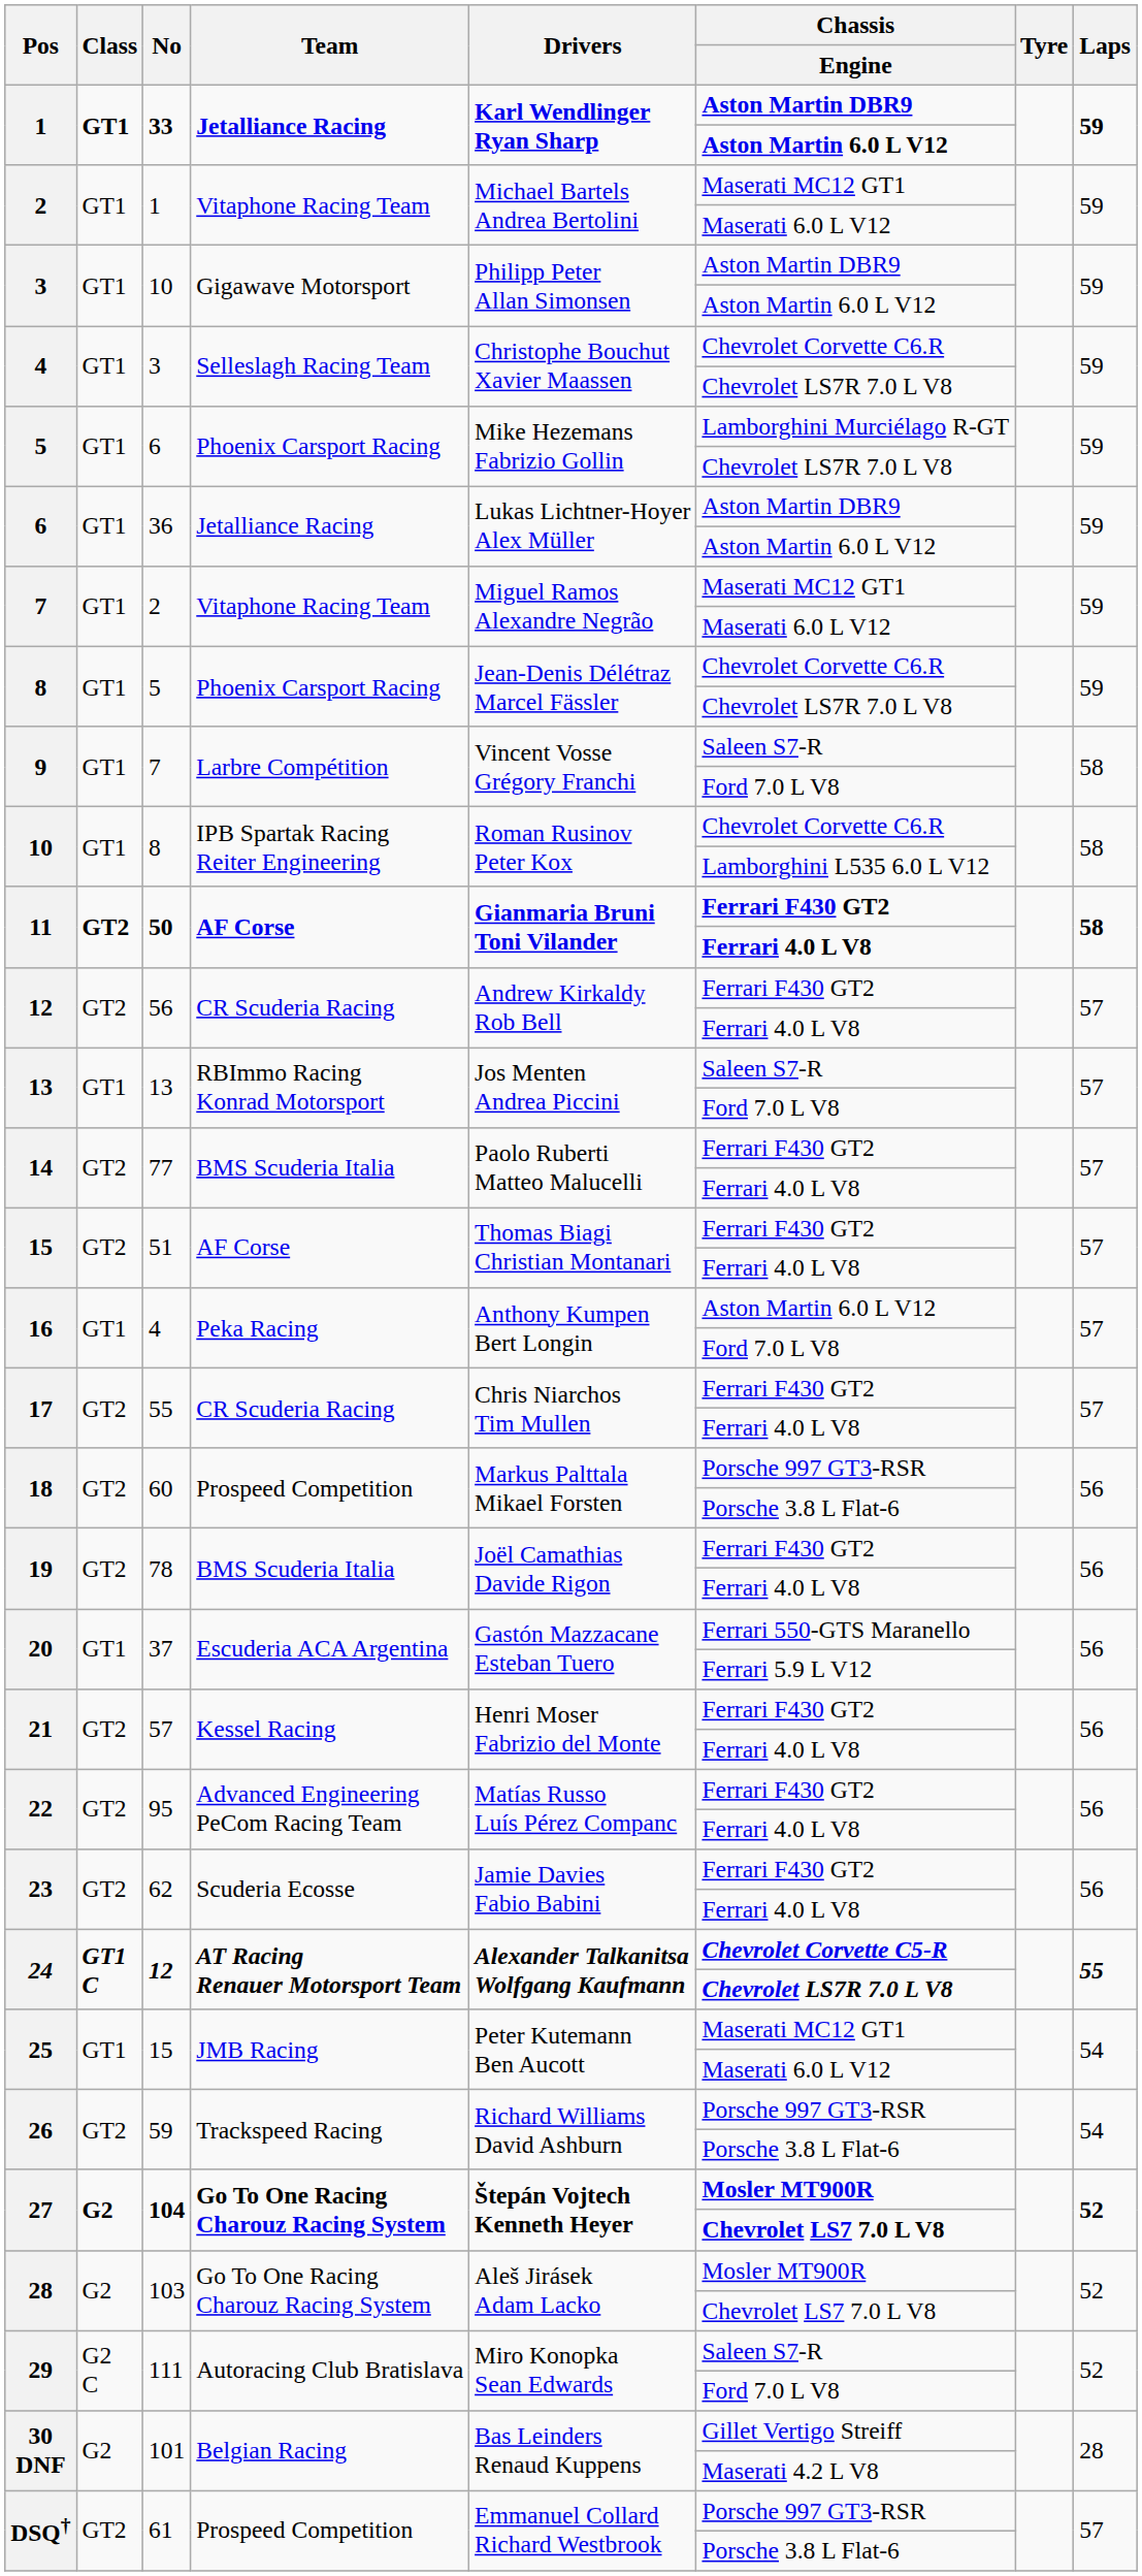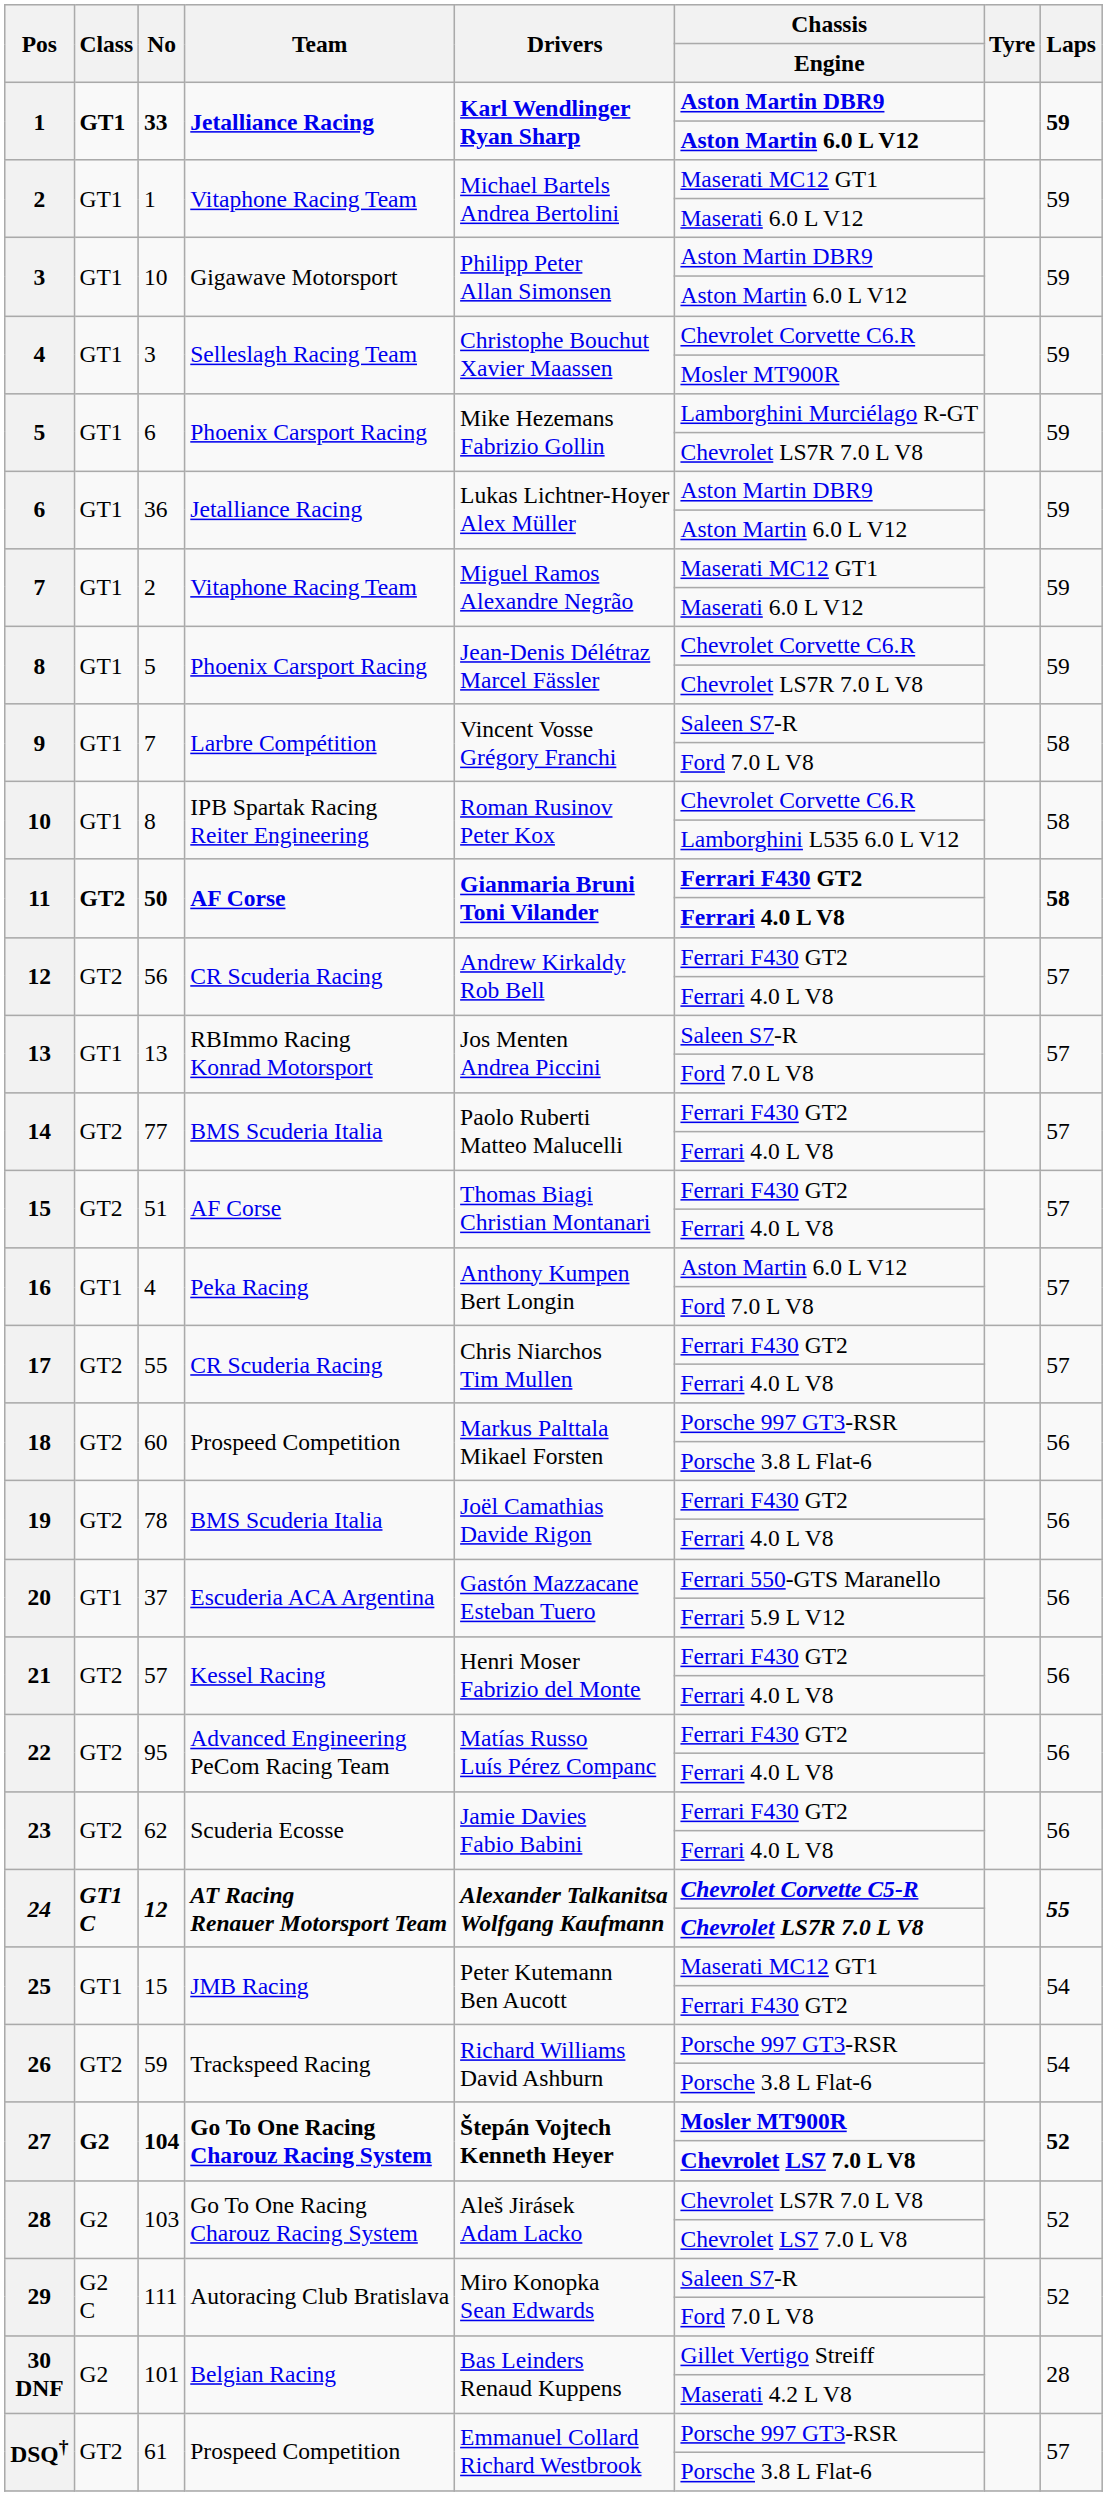 <table class="wikitable" style="font-size: 95%;">
 <tr>
 <th rowspan=2>Pos</th>
 <th rowspan=2>Class</th>
 <th rowspan=2>No</th>
 <th rowspan=2>Team</th>
 <th rowspan=2>Drivers</th>
 <th>Chassis</th>
 <th rowspan=2>Tyre</th>
 <th rowspan=2>Laps</th>
 </tr>
 <tr>
 <th>Engine</th>
 </tr>
 <tr style="font-weight:bold">
 <th rowspan=2>1</th>
 <td rowspan=2>GT1</td>
 <td rowspan=2>33</td>
 <td rowspan=2> <a href='#'>Jetalliance Racing</a></td>
 <td rowspan=2> <a href='#'>Karl Wendlinger</a><br> <a href='#'>Ryan Sharp</a></td>
 <td><a href='#'>Aston Martin DBR9</a></td>
 <td rowspan=2></td>
 <td rowspan=2>59</td>
 </tr>
 <tr style="font-weight:bold">
 <td><a href='#'>Aston Martin</a> 6.0 L V12</td>
 </tr>
 <tr>
 <th rowspan=2>2</th>
 <td rowspan=2>GT1</td>
 <td rowspan=2>1</td>
 <td rowspan=2> <a href='#'>Vitaphone Racing Team</a></td>
 <td rowspan=2> <a href='#'>Michael Bartels</a><br> <a href='#'>Andrea Bertolini</a></td>
 <td><a href='#'>Maserati MC12</a> GT1</td>
 <td rowspan=2></td>
 <td rowspan=2>59</td>
 </tr>
 <tr>
 <td><a href='#'>Maserati</a> 6.0 L V12</td>
 </tr>
 <tr>
 <th rowspan=2>3</th>
 <td rowspan=2>GT1</td>
 <td rowspan=2>10</td>
 <td rowspan=2> Gigawave Motorsport</td>
 <td rowspan=2> <a href='#'>Philipp Peter</a><br> <a href='#'>Allan Simonsen</a></td>
 <td><a href='#'>Aston Martin DBR9</a></td>
 <td rowspan=2></td>
 <td rowspan=2>59</td>
 </tr>
 <tr>
 <td><a href='#'>Aston Martin</a> 6.0 L V12</td>
 </tr>
 <tr>
 <th rowspan=2>4</th>
 <td rowspan=2>GT1</td>
 <td rowspan=2>3</td>
 <td rowspan=2> <a href='#'>Selleslagh Racing Team</a></td>
 <td rowspan=2> <a href='#'>Christophe Bouchut</a><br> <a href='#'>Xavier Maassen</a></td>
 <td><a href='#'>Chevrolet Corvette C6.R</a></td>
 <td rowspan=2></td>
 <td rowspan=2>59</td>
 </tr>
 <tr>
-<td><a href='#'>Chevrolet</a> LS7R 7.0 L V8</td>
+<td><a href='#'>Mosler MT900R</a></td>
 </tr>
 <tr>
 <th rowspan=2>5</th>
 <td rowspan=2>GT1</td>
 <td rowspan=2>6</td>
 <td rowspan=2> <a href='#'>Phoenix Carsport Racing</a></td>
 <td rowspan=2> Mike Hezemans<br> <a href='#'>Fabrizio Gollin</a></td>
 <td><a href='#'>Lamborghini Murciélago</a> R-GT</td>
 <td rowspan=2></td>
 <td rowspan=2>59</td>
 </tr>
 <tr>
 <td><a href='#'>Chevrolet</a> LS7R 7.0 L V8</td>
 </tr>
 <tr>
 <th rowspan=2>6</th>
 <td rowspan=2>GT1</td>
 <td rowspan=2>36</td>
 <td rowspan=2> <a href='#'>Jetalliance Racing</a></td>
 <td rowspan=2> Lukas Lichtner-Hoyer<br> <a href='#'>Alex Müller</a></td>
 <td><a href='#'>Aston Martin DBR9</a></td>
 <td rowspan=2></td>
 <td rowspan=2>59</td>
 </tr>
 <tr>
 <td><a href='#'>Aston Martin</a> 6.0 L V12</td>
 </tr>
 <tr>
 <th rowspan=2>7</th>
 <td rowspan=2>GT1</td>
 <td rowspan=2>2</td>
 <td rowspan=2> <a href='#'>Vitaphone Racing Team</a></td>
 <td rowspan=2> <a href='#'>Miguel Ramos</a><br> <a href='#'>Alexandre Negrão</a></td>
 <td><a href='#'>Maserati MC12</a> GT1</td>
 <td rowspan=2></td>
 <td rowspan=2>59</td>
 </tr>
 <tr>
 <td><a href='#'>Maserati</a> 6.0 L V12</td>
 </tr>
 <tr>
 <th rowspan=2>8</th>
 <td rowspan=2>GT1</td>
 <td rowspan=2>5</td>
 <td rowspan=2> <a href='#'>Phoenix Carsport Racing</a></td>
 <td rowspan=2> <a href='#'>Jean-Denis Délétraz</a><br> <a href='#'>Marcel Fässler</a></td>
 <td><a href='#'>Chevrolet Corvette C6.R</a></td>
 <td rowspan=2></td>
 <td rowspan=2>59</td>
 </tr>
 <tr>
 <td><a href='#'>Chevrolet</a> LS7R 7.0 L V8</td>
 </tr>
 <tr>
 <th rowspan=2>9</th>
 <td rowspan=2>GT1</td>
 <td rowspan=2>7</td>
 <td rowspan=2> <a href='#'>Larbre Compétition</a></td>
 <td rowspan=2> Vincent Vosse<br> <a href='#'>Grégory Franchi</a></td>
 <td><a href='#'>Saleen S7</a>-R</td>
 <td rowspan=2></td>
 <td rowspan=2>58</td>
 </tr>
 <tr>
 <td><a href='#'>Ford</a> 7.0 L V8</td>
 </tr>
 <tr>
 <th rowspan=2>10</th>
 <td rowspan=2>GT1</td>
 <td rowspan=2>8</td>
 <td rowspan=2> IPB Spartak Racing<br> <a href='#'>Reiter Engineering</a></td>
 <td rowspan=2> <a href='#'>Roman Rusinov</a><br> <a href='#'>Peter Kox</a></td>
 <td><a href='#'>Chevrolet Corvette C6.R</a></td>
 <td rowspan=2></td>
 <td rowspan=2>58</td>
 </tr>
 <tr>
 <td><a href='#'>Lamborghini</a> L535 6.0 L V12</td>
 </tr>
 <tr style="font-weight:bold">
 <th rowspan=2>11</th>
 <td rowspan=2>GT2</td>
 <td rowspan=2>50</td>
 <td rowspan=2> <a href='#'>AF Corse</a></td>
 <td rowspan=2> <a href='#'>Gianmaria Bruni</a><br> <a href='#'>Toni Vilander</a></td>
 <td><a href='#'>Ferrari F430</a> GT2</td>
 <td rowspan=2></td>
 <td rowspan=2>58</td>
 </tr>
 <tr style="font-weight:bold">
 <td><a href='#'>Ferrari</a> 4.0 L V8</td>
 </tr>
 <tr>
 <th rowspan=2>12</th>
 <td rowspan=2>GT2</td>
 <td rowspan=2>56</td>
 <td rowspan=2> <a href='#'>CR Scuderia Racing</a></td>
 <td rowspan=2> <a href='#'>Andrew Kirkaldy</a><br> <a href='#'>Rob Bell</a></td>
 <td><a href='#'>Ferrari F430</a> GT2</td>
 <td rowspan=2></td>
 <td rowspan=2>57</td>
 </tr>
 <tr>
 <td><a href='#'>Ferrari</a> 4.0 L V8</td>
 </tr>
 <tr>
 <th rowspan=2>13</th>
 <td rowspan=2>GT1</td>
 <td rowspan=2>13</td>
 <td rowspan=2> RBImmo Racing<br> <a href='#'>Konrad Motorsport</a></td>
 <td rowspan=2> Jos Menten<br> <a href='#'>Andrea Piccini</a></td>
 <td><a href='#'>Saleen S7</a>-R</td>
 <td rowspan=2></td>
 <td rowspan=2>57</td>
 </tr>
 <tr>
 <td><a href='#'>Ford</a> 7.0 L V8</td>
 </tr>
 <tr>
 <th rowspan=2>14</th>
 <td rowspan=2>GT2</td>
 <td rowspan=2>77</td>
 <td rowspan=2> <a href='#'>BMS Scuderia Italia</a></td>
 <td rowspan=2> Paolo Ruberti<br> Matteo Malucelli</td>
 <td><a href='#'>Ferrari F430</a> GT2</td>
 <td rowspan=2></td>
 <td rowspan=2>57</td>
 </tr>
 <tr>
 <td><a href='#'>Ferrari</a> 4.0 L V8</td>
 </tr>
 <tr>
 <th rowspan=2>15</th>
 <td rowspan=2>GT2</td>
 <td rowspan=2>51</td>
 <td rowspan=2> <a href='#'>AF Corse</a></td>
 <td rowspan=2> <a href='#'>Thomas Biagi</a><br> <a href='#'>Christian Montanari</a></td>
 <td><a href='#'>Ferrari F430</a> GT2</td>
 <td rowspan=2></td>
 <td rowspan=2>57</td>
 </tr>
 <tr>
 <td><a href='#'>Ferrari</a> 4.0 L V8</td>
 </tr>
 <tr>
 <th rowspan=2>16</th>
 <td rowspan=2>GT1</td>
 <td rowspan=2>4</td>
 <td rowspan=2> <a href='#'>Peka Racing</a></td>
 <td rowspan=2> <a href='#'>Anthony Kumpen</a><br> Bert Longin</td>
 <td><a href='#'>Aston Martin</a> 6.0 L V12</td>
 <td rowspan=2></td>
 <td rowspan=2>57</td>
 </tr>
 <tr>
 <td><a href='#'>Ford</a> 7.0 L V8</td>
 </tr>
 <tr>
 <th rowspan=2>17</th>
 <td rowspan=2>GT2</td>
 <td rowspan=2>55</td>
 <td rowspan=2> <a href='#'>CR Scuderia Racing</a></td>
 <td rowspan=2> Chris Niarchos<br> <a href='#'>Tim Mullen</a></td>
 <td><a href='#'>Ferrari F430</a> GT2</td>
 <td rowspan=2></td>
 <td rowspan=2>57</td>
 </tr>
 <tr>
 <td><a href='#'>Ferrari</a> 4.0 L V8</td>
 </tr>
 <tr>
 <th rowspan=2>18</th>
 <td rowspan=2>GT2</td>
 <td rowspan=2>60</td>
 <td rowspan=2> Prospeed Competition</td>
 <td rowspan=2> <a href='#'>Markus Palttala</a><br> Mikael Forsten</td>
 <td><a href='#'>Porsche 997 GT3</a>-RSR</td>
 <td rowspan=2></td>
 <td rowspan=2>56</td>
 </tr>
 <tr>
 <td><a href='#'>Porsche</a> 3.8 L Flat-6</td>
 </tr>
 <tr>
 <th rowspan=2>19</th>
 <td rowspan=2>GT2</td>
 <td rowspan=2>78</td>
 <td rowspan=2> <a href='#'>BMS Scuderia Italia</a></td>
 <td rowspan=2> <a href='#'>Joël Camathias</a><br> <a href='#'>Davide Rigon</a></td>
 <td><a href='#'>Ferrari F430</a> GT2</td>
 <td rowspan=2></td>
 <td rowspan=2>56</td>
 </tr>
 <tr>
 <td><a href='#'>Ferrari</a> 4.0 L V8</td>
 </tr>
 <tr>
 <th rowspan=2>20</th>
 <td rowspan=2>GT1</td>
 <td rowspan=2>37</td>
 <td rowspan=2> <a href='#'>Escuderia ACA Argentina</a></td>
 <td rowspan=2> <a href='#'>Gastón Mazzacane</a><br> <a href='#'>Esteban Tuero</a></td>
 <td><a href='#'>Ferrari 550</a>-GTS Maranello</td>
 <td rowspan=2></td>
 <td rowspan=2>56</td>
 </tr>
 <tr>
 <td><a href='#'>Ferrari</a> 5.9 L V12</td>
 </tr>
 <tr>
 <th rowspan=2>21</th>
 <td rowspan=2>GT2</td>
 <td rowspan=2>57</td>
 <td rowspan=2> <a href='#'>Kessel Racing</a></td>
 <td rowspan=2> Henri Moser<br> <a href='#'>Fabrizio del Monte</a></td>
 <td><a href='#'>Ferrari F430</a> GT2</td>
 <td rowspan=2></td>
 <td rowspan=2>56</td>
 </tr>
 <tr>
 <td><a href='#'>Ferrari</a> 4.0 L V8</td>
 </tr>
 <tr>
 <th rowspan=2>22</th>
 <td rowspan=2>GT2</td>
 <td rowspan=2>95</td>
 <td rowspan=2> <a href='#'>Advanced Engineering</a><br> PeCom Racing Team</td>
 <td rowspan=2> <a href='#'>Matías Russo</a><br> <a href='#'>Luís Pérez Companc</a></td>
 <td><a href='#'>Ferrari F430</a> GT2</td>
 <td rowspan=2></td>
 <td rowspan=2>56</td>
 </tr>
 <tr>
 <td><a href='#'>Ferrari</a> 4.0 L V8</td>
 </tr>
 <tr>
 <th rowspan=2>23</th>
 <td rowspan=2>GT2</td>
 <td rowspan=2>62</td>
 <td rowspan=2> Scuderia Ecosse</td>
 <td rowspan=2> <a href='#'>Jamie Davies</a><br> <a href='#'>Fabio Babini</a></td>
 <td><a href='#'>Ferrari F430</a> GT2</td>
 <td rowspan=2></td>
 <td rowspan=2>56</td>
 </tr>
 <tr>
 <td><a href='#'>Ferrari</a> 4.0 L V8</td>
 </tr>
 <tr style="font-weight:bold">
 <th rowspan=2><em>24</em></th>
 <td rowspan=2><em>GT1<br>C</em></td>
 <td rowspan=2><em>12</em></td>
 <td rowspan=2><em> AT Racing<br> Renauer Motorsport Team</em></td>
 <td rowspan=2><em> Alexander Talkanitsa<br> Wolfgang Kaufmann</em></td>
 <td><em><a href='#'>Chevrolet Corvette C5-R</a></em></td>
 <td rowspan=2></td>
 <td rowspan=2><em>55</em></td>
 </tr>
 <tr style="font-weight:bold">
 <td><em><a href='#'>Chevrolet</a> LS7R 7.0 L V8</em></td>
 </tr>
 <tr>
 <th rowspan=2>25</th>
 <td rowspan=2>GT1</td>
 <td rowspan=2>15</td>
 <td rowspan=2> <a href='#'>JMB Racing</a></td>
 <td rowspan=2> Peter Kutemann<br> Ben Aucott</td>
 <td><a href='#'>Maserati MC12</a> GT1</td>
 <td rowspan=2></td>
 <td rowspan=2>54</td>
 </tr>
 <tr>
-<td><a href='#'>Maserati</a> 6.0 L V12</td>
+<td><a href='#'>Ferrari F430</a> GT2</td>
 </tr>
 <tr>
 <th rowspan=2>26</th>
 <td rowspan=2>GT2</td>
 <td rowspan=2>59</td>
 <td rowspan=2> Trackspeed Racing</td>
 <td rowspan=2> <a href='#'>Richard Williams</a><br> David Ashburn</td>
 <td><a href='#'>Porsche 997 GT3</a>-RSR</td>
 <td rowspan=2></td>
 <td rowspan=2>54</td>
 </tr>
 <tr>
 <td><a href='#'>Porsche</a> 3.8 L Flat-6</td>
 </tr>
 <tr style="font-weight:bold">
 <th rowspan=2>27</th>
 <td rowspan=2>G2</td>
 <td rowspan=2>104</td>
 <td rowspan=2> Go To One Racing<br> <a href='#'>Charouz Racing System</a></td>
 <td rowspan=2> Štepán Vojtech<br> Kenneth Heyer</td>
 <td><a href='#'>Mosler MT900R</a></td>
 <td rowspan=2></td>
 <td rowspan=2>52</td>
 </tr>
 <tr style="font-weight:bold">
 <td><a href='#'>Chevrolet</a> <a href='#'>LS7</a> 7.0 L V8</td>
 </tr>
 <tr>
 <th rowspan=2>28</th>
 <td rowspan=2>G2</td>
 <td rowspan=2>103</td>
 <td rowspan=2> Go To One Racing<br> <a href='#'>Charouz Racing System</a></td>
 <td rowspan=2> Aleš Jirásek<br> <a href='#'>Adam Lacko</a></td>
-<td><a href='#'>Mosler MT900R</a></td>
+<td><a href='#'>Chevrolet</a> LS7R 7.0 L V8</td>
 <td rowspan=2></td>
 <td rowspan=2>52</td>
 </tr>
 <tr>
 <td><a href='#'>Chevrolet</a> <a href='#'>LS7</a> 7.0 L V8</td>
 </tr>
 <tr>
 <th rowspan=2>29</th>
 <td rowspan=2>G2<br>C</td>
 <td rowspan=2>111</td>
 <td rowspan=2> Autoracing Club Bratislava</td>
 <td rowspan=2> Miro Konopka<br> <a href='#'>Sean Edwards</a></td>
 <td><a href='#'>Saleen S7</a>-R</td>
 <td rowspan=2></td>
 <td rowspan=2>52</td>
 </tr>
 <tr>
 <td><a href='#'>Ford</a> 7.0 L V8</td>
 </tr>
 <tr>
 <th rowspan=2>30<br>DNF</th>
 <td rowspan=2>G2</td>
 <td rowspan=2>101</td>
 <td rowspan=2> <a href='#'>Belgian Racing</a></td>
 <td rowspan=2> <a href='#'>Bas Leinders</a><br> Renaud Kuppens</td>
 <td><a href='#'>Gillet Vertigo</a> Streiff</td>
 <td rowspan=2></td>
 <td rowspan=2>28</td>
 </tr>
 <tr>
 <td><a href='#'>Maserati</a> 4.2 L V8</td>
 </tr>
 <tr>
 <th rowspan=2>DSQ<sup>†</sup></th>
 <td rowspan=2>GT2</td>
 <td rowspan=2>61</td>
 <td rowspan=2> Prospeed Competition</td>
 <td rowspan=2> <a href='#'>Emmanuel Collard</a><br> <a href='#'>Richard Westbrook</a></td>
 <td><a href='#'>Porsche 997 GT3</a>-RSR</td>
 <td rowspan=2></td>
 <td rowspan=2>57</td>
 </tr>
 <tr>
 <td><a href='#'>Porsche</a> 3.8 L Flat-6</td>
 </tr>
 </table>
